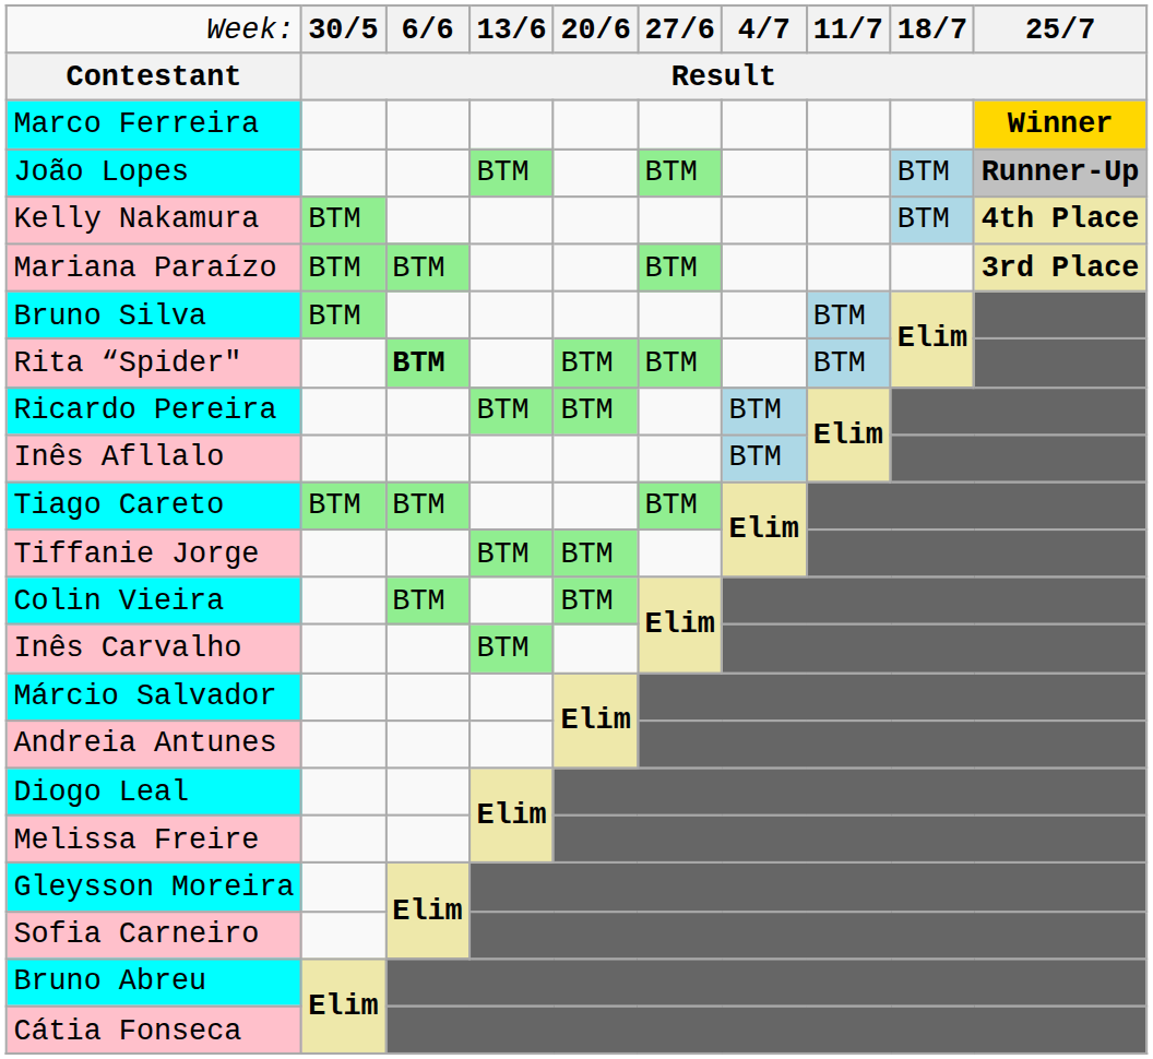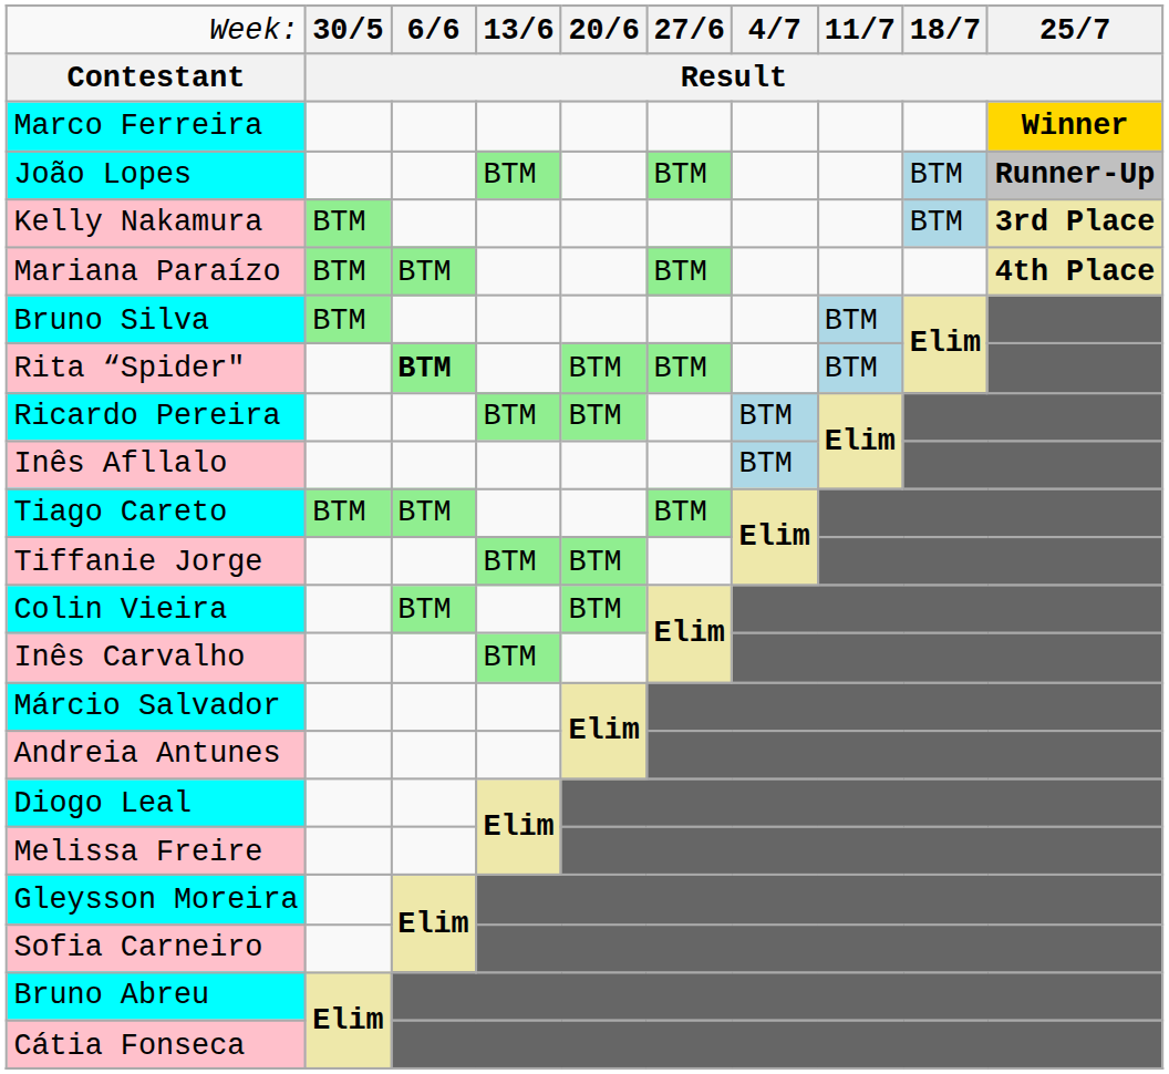 <table class="wikitable" style="margin:1em auto">
 <tr>
 <td align="right"><em>Week:</em></td>
 <th>30/5</th>
 <th>6/6</th>
 <th>13/6</th>
 <th>20/6</th>
 <th>27/6</th>
 <th>4/7</th>
 <th>11/7</th>
 <th>18/7</th>
 <th>25/7</th>
 </tr>
 <tr>
 <th>Contestant</th>
 <th colspan="22" align="center">Result</th>
 </tr>
 <tr>
 <td bgcolor="cyan">Marco Ferreira</td>
 <td></td>
 <td></td>
 <td></td>
 <td></td>
 <td></td>
 <td></td>
 <td></td>
 <td></td>
 <td bgcolor="gold" align="center"><strong>Winner</strong></td>
 </tr>
 <tr>
 <td bgcolor="cyan">João Lopes</td>
 <td></td>
 <td></td>
 <td bgcolor="lightgreen">BTM</td>
 <td></td>
 <td bgcolor="lightgreen">BTM</td>
 <td></td>
 <td></td>
 <td bgcolor="lightblue">BTM</td>
 <td bgcolor="silver" align="center"><strong>Runner-Up</strong></td>
 </tr>
 <tr>
 <td bgcolor="pink">Kelly Nakamura</td>
 <td bgcolor="lightgreen">BTM</td>
 <td></td>
 <td></td>
 <td></td>
 <td></td>
 <td></td>
 <td></td>
 <td bgcolor="lightblue">BTM</td>
-<td bgcolor="palegoldenrod" align="center"><strong>4th Place</strong></td>
+<td bgcolor="palegoldenrod" align="center"><strong>3rd Place</strong></td>
 </tr>
 <tr>
 <td bgcolor="pink">Mariana Paraízo</td>
 <td bgcolor="lightgreen">BTM</td>
 <td bgcolor="lightgreen">BTM</td>
 <td></td>
 <td></td>
 <td bgcolor="lightgreen">BTM</td>
 <td></td>
 <td></td>
 <td></td>
-<td bgcolor="palegoldenrod" align="center"><strong>3rd Place</strong></td>
+<td bgcolor="palegoldenrod" align="center"><strong>4th Place</strong></td>
 </tr>
 <tr>
 <td bgcolor="cyan">Bruno Silva</td>
 <td bgcolor="lightgreen">BTM</td>
 <td></td>
 <td></td>
 <td></td>
 <td></td>
 <td></td>
 <td bgcolor="lightblue">BTM</td>
 <td rowspan="2" bgcolor="palegoldenrod" align="center"><strong>Elim</strong></td>
 <td bgcolor="666666"></td>
 </tr>
 <tr>
 <td bgcolor="pink">Rita “Spider"</td>
 <td></td>
 <td bgcolor="lightgreen"><strong>BTM</strong></td>
 <td></td>
 <td bgcolor="lightgreen">BTM</td>
 <td bgcolor="lightgreen">BTM</td>
 <td></td>
 <td bgcolor="lightblue">BTM</td>
 <td bgcolor="666666"></td>
 </tr>
 <tr>
 <td bgcolor="cyan">Ricardo Pereira</td>
 <td></td>
 <td></td>
 <td bgcolor="lightgreen">BTM</td>
 <td bgcolor="lightgreen">BTM</td>
 <td></td>
 <td bgcolor="lightblue">BTM</td>
 <td rowspan="2" bgcolor="palegoldenrod" align="center"><strong>Elim</strong></td>
 <td colspan="2" bgcolor="666666"></td>
 </tr>
 <tr>
 <td bgcolor="pink">Inês Afllalo</td>
 <td></td>
 <td></td>
 <td></td>
 <td></td>
 <td></td>
 <td bgcolor="lightblue">BTM</td>
 <td colspan="2" bgcolor="666666"></td>
 </tr>
 <tr>
 <td bgcolor="cyan">Tiago Careto</td>
 <td bgcolor="lightgreen">BTM</td>
 <td bgcolor="lightgreen">BTM</td>
 <td></td>
 <td></td>
 <td bgcolor="lightgreen">BTM</td>
 <td rowspan="2" bgcolor="palegoldenrod" align="center"><strong>Elim</strong></td>
 <td colspan="3" bgcolor="666666"></td>
 </tr>
 <tr>
 <td bgcolor="pink">Tiffanie Jorge</td>
 <td></td>
 <td></td>
 <td bgcolor="lightgreen">BTM</td>
 <td bgcolor="lightgreen">BTM</td>
 <td></td>
 <td colspan="3" bgcolor="666666"></td>
 </tr>
 <tr>
 <td bgcolor="cyan">Colin Vieira</td>
 <td></td>
 <td bgcolor="lightgreen">BTM</td>
 <td></td>
 <td bgcolor="lightgreen">BTM</td>
 <td rowspan="2" bgcolor="palegoldenrod" align="center"><strong>Elim</strong></td>
 <td colspan="4" bgcolor="666666"></td>
 </tr>
 <tr>
 <td bgcolor="pink">Inês Carvalho</td>
 <td></td>
 <td></td>
 <td bgcolor="lightgreen">BTM</td>
 <td></td>
 <td colspan="4" bgcolor="666666"></td>
 </tr>
 <tr>
 <td bgcolor="cyan">Márcio Salvador</td>
 <td></td>
 <td></td>
 <td></td>
 <td rowspan="2" bgcolor="palegoldenrod" align="center"><strong>Elim</strong></td>
 <td colspan="5" bgcolor="666666"></td>
 </tr>
 <tr>
 <td bgcolor="pink">Andreia Antunes</td>
 <td></td>
 <td></td>
 <td></td>
 <td colspan="5" bgcolor="666666"></td>
 </tr>
 <tr>
 <td bgcolor="cyan">Diogo Leal</td>
 <td></td>
 <td></td>
 <td rowspan="2" bgcolor="palegoldenrod" align="center"><strong>Elim</strong></td>
 <td colspan="6" bgcolor="666666"></td>
 </tr>
 <tr>
 <td bgcolor="pink">Melissa Freire</td>
 <td></td>
 <td></td>
 <td colspan="6" bgcolor="666666"></td>
 </tr>
 <tr>
 <td bgcolor="cyan">Gleysson Moreira</td>
 <td></td>
 <td rowspan="2" bgcolor="palegoldenrod" align="center"><strong>Elim</strong></td>
 <td colspan="7" bgcolor="666666"></td>
 </tr>
 <tr>
 <td bgcolor="pink">Sofia Carneiro</td>
 <td></td>
 <td colspan="7" bgcolor="666666"></td>
 </tr>
 <tr>
 <td bgcolor="cyan">Bruno Abreu</td>
 <td rowspan="2" bgcolor="palegoldenrod" align="center"><strong>Elim</strong></td>
 <td colspan="8" bgcolor="666666"></td>
 </tr>
 <tr>
 <td bgcolor="pink">Cátia Fonseca</td>
 <td colspan="8" bgcolor="666666"></td>
 </tr>
 <tr>
 </tr>
 </table>
